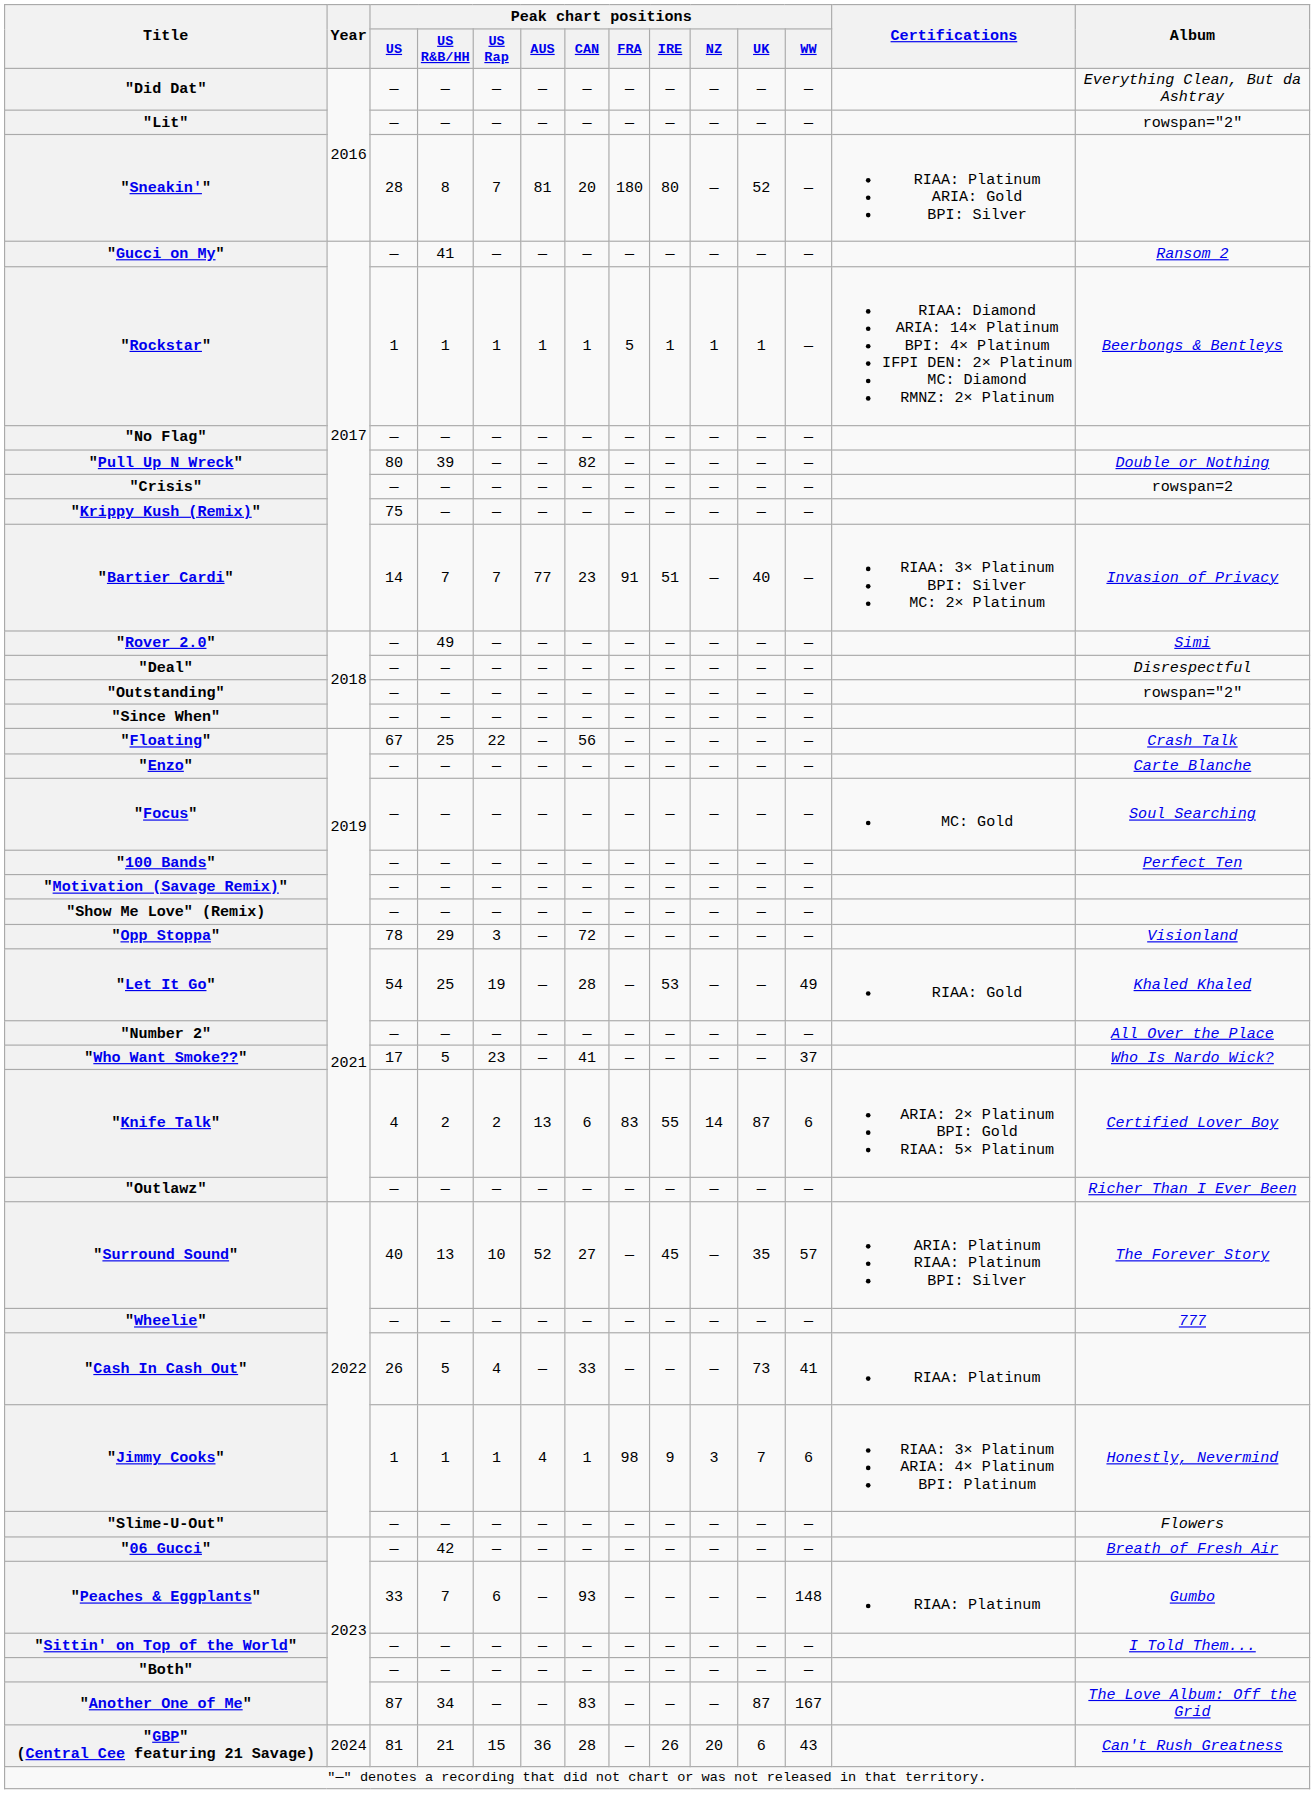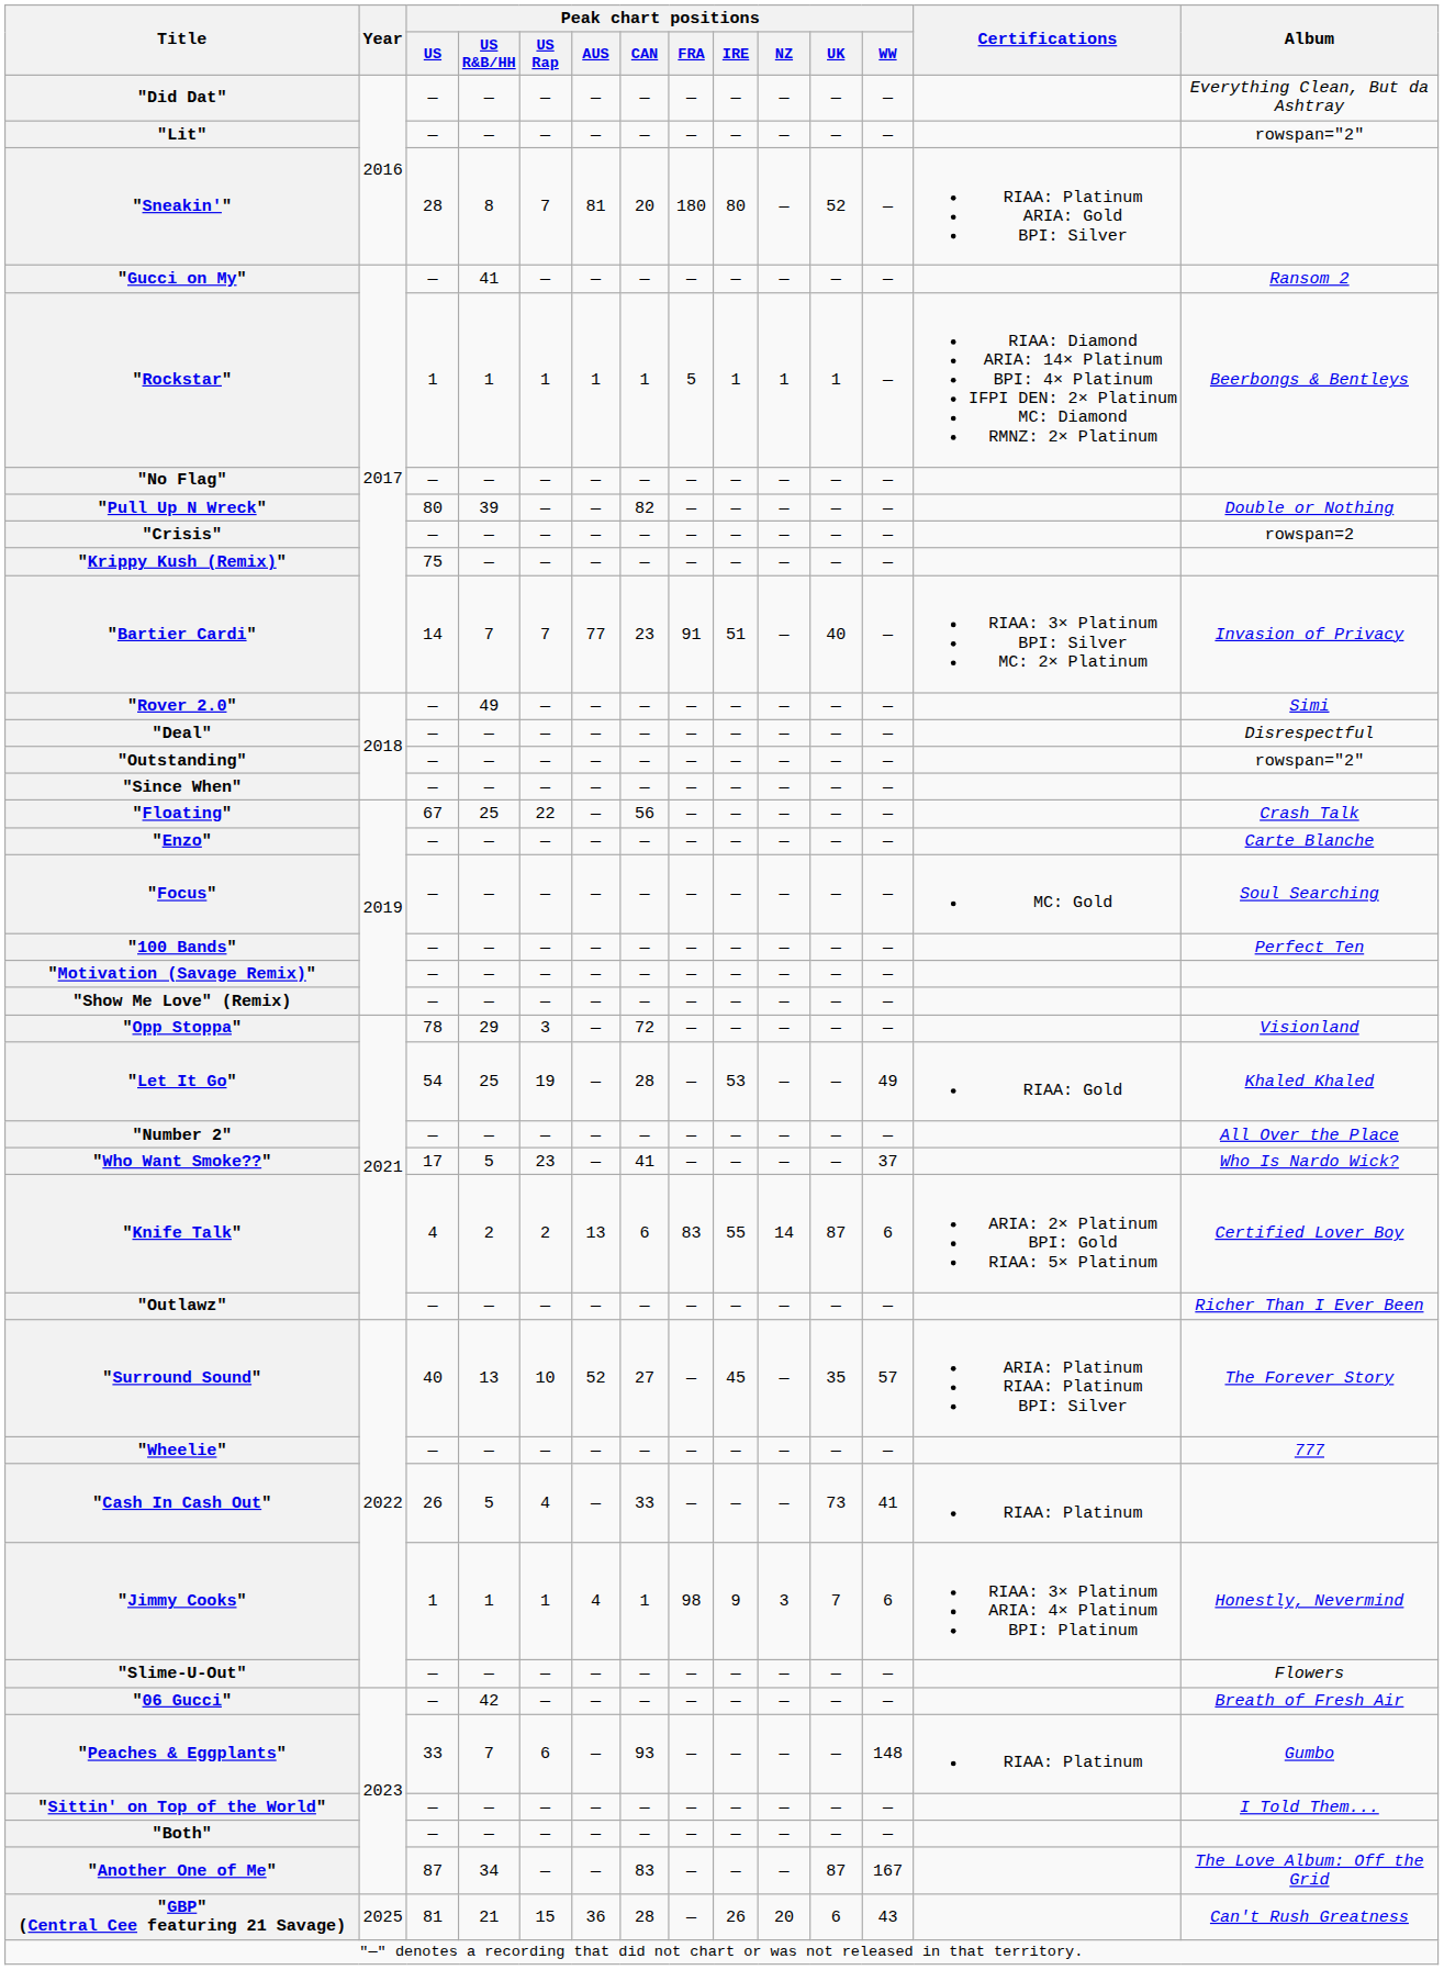 <table class="wikitable plainrowheaders" style="text-align:center;" border="1">
 <tr>
 <th scope="col" rowspan="2" style="width:20.9em;">Title</th>
 <th scope="col" rowspan="2" style="width:1em;">Year</th>
 <th scope="col" colspan="10">Peak chart positions</th>
 <th scope="col" rowspan="2"><a href='#'>Certifications</a></th>
 <th scope="col" rowspan="2" style="width:15em;">Album</th>
 </tr>
 <tr>
 <th scope="col" style="width:3em;font-size:90%;"><a href='#'>US</a><br></th>
 <th scope="col" style="width:3em;font-size:90%;"><a href='#'>US R&B/HH</a><br></th>
 <th scope="col" style="width:3em;font-size:90%;"><a href='#'>US Rap</a><br></th>
 <th scope="col" style="width:2.8em;font-size:90%;"><a href='#'>AUS</a><br></th>
 <th scope="col" style="width:2.8em;font-size:90%;"><a href='#'>CAN</a><br></th>
 <th scope="col" style="width:2.5em;font-size:90%;"><a href='#'>FRA</a><br></th>
 <th scope="col" style="width:2.5em;font-size:90%;"><a href='#'>IRE</a><br></th>
 <th scope="col" style="width:3em;font-size:90%;"><a href='#'>NZ</a><br></th>
 <th scope="col" style="width:3em;font-size:90%;"><a href='#'>UK</a><br></th>
 <th scope="col" style="width:3em;font-size:90%;"><a href='#'>WW</a><br></th>
 </tr>
 <tr>
 <th scope="row">"Did Dat"<br></th>
 <td rowspan="3">2016</td>
 <td>—</td>
 <td>—</td>
 <td>—</td>
 <td>—</td>
 <td>—</td>
 <td>—</td>
 <td>—</td>
 <td>—</td>
 <td>—</td>
 <td>—</td>
 <td></td>
 <td><em>Everything Clean, But da Ashtray</em></td>
 </tr>
 <tr>
 <th scope="row">"Lit"<br></th>
 <td>—</td>
 <td>—</td>
 <td>—</td>
 <td>—</td>
 <td>—</td>
 <td>—</td>
 <td>—</td>
 <td>—</td>
 <td>—</td>
 <td>—</td>
 <td></td>
 <td>rowspan="2" </td>
 </tr>
 <tr>
 <th scope="row">"<a href='#'>Sneakin'</a>"<br></th>
 <td>28</td>
 <td>8</td>
 <td>7</td>
 <td>81</td>
 <td>20</td>
 <td>180</td>
 <td>80</td>
 <td>—</td>
 <td>52</td>
 <td>—</td>
 <td><br><ul><li>RIAA: Platinum</li><li>ARIA: Gold</li><li>BPI: Silver</li></ul></td>
 </tr>
 <tr>
 <th scope="row">"<a href='#'>Gucci on My</a>"<br></th>
 <td rowspan="7">2017</td>
 <td>—</td>
 <td>41</td>
 <td>—</td>
 <td>—</td>
 <td>—</td>
 <td>—</td>
 <td>—</td>
 <td>—</td>
 <td>—</td>
 <td>—</td>
 <td></td>
 <td><em><a href='#'>Ransom 2</a></em></td>
 </tr>
 <tr>
 <th scope="row">"<a href='#'>Rockstar</a>"<br></th>
 <td>1</td>
 <td>1</td>
 <td>1</td>
 <td>1</td>
 <td>1</td>
 <td>5</td>
 <td>1</td>
 <td>1</td>
 <td>1</td>
 <td>—</td>
 <td><br><ul><li>RIAA: Diamond</li><li>ARIA: 14× Platinum</li><li>BPI: 4× Platinum</li><li>IFPI DEN: 2× Platinum</li><li>MC: Diamond</li><li>RMNZ: 2× Platinum</li></ul></td>
 <td><em><a href='#'>Beerbongs & Bentleys</a></em></td>
 </tr>
 <tr>
 <th scope="row">"No Flag"<br></th>
 <td>—</td>
 <td>—</td>
 <td>—</td>
 <td>—</td>
 <td>—</td>
 <td>—</td>
 <td>—</td>
 <td>—</td>
 <td>—</td>
 <td>—</td>
 <td></td>
 <td></td>
 </tr>
 <tr>
 <th scope="row">"<a href='#'>Pull Up N Wreck</a>"<br></th>
 <td>80</td>
 <td>39</td>
 <td>—</td>
 <td>—</td>
 <td>82</td>
 <td>—</td>
 <td>—</td>
 <td>—</td>
 <td>—</td>
 <td>—</td>
 <td></td>
 <td><em><a href='#'>Double or Nothing</a></em></td>
 </tr>
 <tr>
 <th scope="row">"Crisis"<br></th>
 <td>—</td>
 <td>—</td>
 <td>—</td>
 <td>—</td>
 <td>—</td>
 <td>—</td>
 <td>—</td>
 <td>—</td>
 <td>—</td>
 <td>—</td>
 <td></td>
 <td>rowspan=2 </td>
 </tr>
 <tr>
 <th scope="row">"<a href='#'>Krippy Kush (Remix)</a>"<br></th>
 <td>75</td>
 <td>—</td>
 <td>—</td>
 <td>—</td>
 <td>—</td>
 <td>—</td>
 <td>—</td>
 <td>—</td>
 <td>—</td>
 <td>—</td>
 <td></td>
 </tr>
 <tr>
 <th scope="row">"<a href='#'>Bartier Cardi</a>"<br></th>
 <td>14</td>
 <td>7</td>
 <td>7</td>
 <td>77</td>
 <td>23</td>
 <td>91</td>
 <td>51</td>
 <td>—</td>
 <td>40</td>
 <td>—</td>
 <td><br><ul><li>RIAA: 3× Platinum</li><li>BPI: Silver</li><li>MC: 2× Platinum</li></ul></td>
 <td><em><a href='#'>Invasion of Privacy</a></em></td>
 </tr>
 <tr>
 <th scope="row">"<a href='#'>Rover 2.0</a>"<br></th>
 <td rowspan="4">2018</td>
 <td>—</td>
 <td>49</td>
 <td>—</td>
 <td>—</td>
 <td>—</td>
 <td>—</td>
 <td>—</td>
 <td>—</td>
 <td>—</td>
 <td>—</td>
 <td></td>
 <td><em><a href='#'>Simi</a></em></td>
 </tr>
 <tr>
 <th scope="row">"Deal"<br></th>
 <td>—</td>
 <td>—</td>
 <td>—</td>
 <td>—</td>
 <td>—</td>
 <td>—</td>
 <td>—</td>
 <td>—</td>
 <td>—</td>
 <td>—</td>
 <td></td>
 <td><em>Disrespectful</em></td>
 </tr>
 <tr>
 <th scope="row">"Outstanding"<br></th>
 <td>—</td>
 <td>—</td>
 <td>—</td>
 <td>—</td>
 <td>—</td>
 <td>—</td>
 <td>—</td>
 <td>—</td>
 <td>—</td>
 <td>—</td>
 <td></td>
 <td>rowspan="2" </td>
 </tr>
 <tr>
 <th scope="row">"Since When"<br></th>
 <td>—</td>
 <td>—</td>
 <td>—</td>
 <td>—</td>
 <td>—</td>
 <td>—</td>
 <td>—</td>
 <td>—</td>
 <td>—</td>
 <td>—</td>
 <td></td>
 </tr>
 <tr>
 <th scope="row">"<a href='#'>Floating</a>"<br></th>
 <td rowspan="6">2019</td>
 <td>67</td>
 <td>25</td>
 <td>22</td>
 <td>—</td>
 <td>56</td>
 <td>—</td>
 <td>—</td>
 <td>—</td>
 <td>—</td>
 <td>—</td>
 <td></td>
 <td><em><a href='#'>Crash Talk</a></em></td>
 </tr>
 <tr>
 <th scope="row">"<a href='#'>Enzo</a>"<br></th>
 <td>—</td>
 <td>—</td>
 <td>—</td>
 <td>—</td>
 <td>—</td>
 <td>—</td>
 <td>—</td>
 <td>—</td>
 <td>—</td>
 <td>—</td>
 <td></td>
 <td><em><a href='#'>Carte Blanche</a></em></td>
 </tr>
 <tr>
 <th scope="row">"<a href='#'>Focus</a>"<br></th>
 <td>—</td>
 <td>—</td>
 <td>—</td>
 <td>—</td>
 <td>—</td>
 <td>—</td>
 <td>—</td>
 <td>—</td>
 <td>—</td>
 <td>—</td>
 <td><br><ul><li>MC: Gold</li></ul></td>
 <td><em><a href='#'>Soul Searching</a></em></td>
 </tr>
 <tr>
 <th scope="row">"<a href='#'>100 Bands</a>"<br></th>
 <td>—</td>
 <td>—</td>
 <td>—</td>
 <td>—</td>
 <td>—</td>
 <td>—</td>
 <td>—</td>
 <td>—</td>
 <td>—</td>
 <td>—</td>
 <td></td>
 <td><em><a href='#'>Perfect Ten</a></em></td>
 </tr>
 <tr>
 <th scope="row">"<a href='#'>Motivation (Savage Remix)</a>"<br></th>
 <td>—</td>
 <td>—</td>
 <td>—</td>
 <td>—</td>
 <td>—</td>
 <td>—</td>
 <td>—</td>
 <td>—</td>
 <td>—</td>
 <td>—</td>
 <td></td>
 <td></td>
 </tr>
 <tr>
 <th scope="row">"Show Me Love" (Remix)<br></th>
 <td>—</td>
 <td>—</td>
 <td>—</td>
 <td>—</td>
 <td>—</td>
 <td>—</td>
 <td>—</td>
 <td>—</td>
 <td>—</td>
 <td>—</td>
 <td></td>
 <td></td>
 </tr>
 <tr>
 <th scope="row">"<a href='#'>Opp Stoppa</a>"<br></th>
 <td rowspan="6">2021</td>
 <td>78</td>
 <td>29</td>
 <td>3</td>
 <td>—</td>
 <td>72</td>
 <td>—</td>
 <td>—</td>
 <td>—</td>
 <td>—</td>
 <td>—</td>
 <td></td>
 <td><em><a href='#'>Visionland</a></em></td>
 </tr>
 <tr>
 <th scope="row">"<a href='#'>Let It Go</a>"<br></th>
 <td>54</td>
 <td>25</td>
 <td>19</td>
 <td>—</td>
 <td>28</td>
 <td>—</td>
 <td>53</td>
 <td>—</td>
 <td>—</td>
 <td>49</td>
 <td><br><ul><li>RIAA: Gold</li></ul></td>
 <td><em><a href='#'>Khaled Khaled</a></em></td>
 </tr>
 <tr>
 <th scope="row">"Number 2"<br></th>
 <td>—</td>
 <td>—</td>
 <td>—</td>
 <td>—</td>
 <td>—</td>
 <td>—</td>
 <td>—</td>
 <td>—</td>
 <td>—</td>
 <td>—</td>
 <td></td>
 <td><em><a href='#'>All Over the Place</a></em></td>
 </tr>
 <tr>
 <th scope="row">"<a href='#'>Who Want Smoke??</a>"<br></th>
 <td>17</td>
 <td>5</td>
 <td>23</td>
 <td>—</td>
 <td>41</td>
 <td>—</td>
 <td>—</td>
 <td>—</td>
 <td>—</td>
 <td>37</td>
 <td></td>
 <td><em><a href='#'>Who Is Nardo Wick?</a></em></td>
 </tr>
 <tr>
 <th scope="row">"<a href='#'>Knife Talk</a>"<br></th>
 <td>4</td>
 <td>2</td>
 <td>2</td>
 <td>13</td>
 <td>6</td>
 <td>83</td>
 <td>55</td>
 <td>14</td>
 <td>87</td>
 <td>6</td>
 <td><br><ul><li>ARIA: 2× Platinum</li><li>BPI: Gold</li><li>RIAA: 5× Platinum</li></ul></td>
 <td><em><a href='#'>Certified Lover Boy</a></em></td>
 </tr>
 <tr>
 <th scope="row">"Outlawz"<br></th>
 <td>—</td>
 <td>—</td>
 <td>—</td>
 <td>—</td>
 <td>—</td>
 <td>—</td>
 <td>—</td>
 <td>—</td>
 <td>—</td>
 <td>—</td>
 <td></td>
 <td><em><a href='#'>Richer Than I Ever Been</a></em></td>
 </tr>
 <tr>
 <th scope="row">"<a href='#'>Surround Sound</a>"<br></th>
 <td rowspan="5">2022</td>
 <td>40</td>
 <td>13</td>
 <td>10</td>
 <td>52</td>
 <td>27</td>
 <td>—</td>
 <td>45</td>
 <td>—</td>
 <td>35</td>
 <td>57</td>
 <td><br><ul><li>ARIA: Platinum</li><li>RIAA: Platinum</li><li>BPI: Silver</li></ul></td>
 <td><em><a href='#'>The Forever Story</a></em></td>
 </tr>
 <tr>
 <th scope="row">"<a href='#'>Wheelie</a>"<br></th>
 <td>—</td>
 <td>—</td>
 <td>—</td>
 <td>—</td>
 <td>—</td>
 <td>—</td>
 <td>—</td>
 <td>—</td>
 <td>—</td>
 <td>—</td>
 <td></td>
 <td><em><a href='#'>777</a></em></td>
 </tr>
 <tr>
 <th scope="row">"<a href='#'>Cash In Cash Out</a>"<br></th>
 <td>26</td>
 <td>5</td>
 <td>4</td>
 <td>—</td>
 <td>33</td>
 <td>—</td>
 <td>—</td>
 <td>—</td>
 <td>73</td>
 <td>41</td>
 <td><br><ul><li>RIAA: Platinum</li></ul></td>
 <td></td>
 </tr>
 <tr>
 <th scope="row">"<a href='#'>Jimmy Cooks</a>"<br></th>
 <td>1</td>
 <td>1</td>
 <td>1</td>
 <td>4</td>
 <td>1</td>
 <td>98</td>
 <td>9</td>
 <td>3</td>
 <td>7</td>
 <td>6</td>
 <td><br><ul><li>RIAA: 3× Platinum</li><li>ARIA: 4× Platinum</li><li>BPI: Platinum</li></ul></td>
 <td><em><a href='#'>Honestly, Nevermind</a></em></td>
 </tr>
 <tr>
 <th scope="row">"Slime-U-Out"<br></th>
 <td>—</td>
 <td>—</td>
 <td>—</td>
 <td>—</td>
 <td>—</td>
 <td>—</td>
 <td>—</td>
 <td>—</td>
 <td>—</td>
 <td>—</td>
 <td></td>
 <td><em>Flowers</em></td>
 </tr>
 <tr>
 <th scope="row">"<a href='#'>06 Gucci</a>"<br></th>
 <td rowspan="5">2023</td>
 <td>—</td>
 <td>42</td>
 <td>—</td>
 <td>—</td>
 <td>—</td>
 <td>—</td>
 <td>—</td>
 <td>—</td>
 <td>—</td>
 <td>—</td>
 <td></td>
 <td><em><a href='#'>Breath of Fresh Air</a></em></td>
 </tr>
 <tr>
 <th scope="row">"<a href='#'>Peaches & Eggplants</a>"<br></th>
 <td>33</td>
 <td>7</td>
 <td>6</td>
 <td>—</td>
 <td>93</td>
 <td>—</td>
 <td>—</td>
 <td>—</td>
 <td>—</td>
 <td>148</td>
 <td><br><ul><li>RIAA: Platinum</li></ul></td>
 <td><em><a href='#'>Gumbo</a></em></td>
 </tr>
 <tr>
 <th scope="row">"<a href='#'>Sittin' on Top of the World</a>"<br></th>
 <td>—</td>
 <td>—</td>
 <td>—</td>
 <td>—</td>
 <td>—</td>
 <td>—</td>
 <td>—</td>
 <td>—</td>
 <td>—</td>
 <td>—</td>
 <td></td>
 <td><em><a href='#'>I Told Them...</a></em></td>
 </tr>
 <tr>
 <th scope="row">"Both"<br></th>
 <td>—</td>
 <td>—</td>
 <td>—</td>
 <td>—</td>
 <td>—</td>
 <td>—</td>
 <td>—</td>
 <td>—</td>
 <td>—</td>
 <td>—</td>
 <td></td>
 <td></td>
 </tr>
 <tr>
 <th scope="row">"<a href='#'>Another One of Me</a>"<br></th>
 <td>87</td>
 <td>34</td>
 <td>—</td>
 <td>—</td>
 <td>83</td>
 <td>—</td>
 <td>—</td>
 <td>—</td>
 <td>87</td>
 <td>167</td>
 <td></td>
 <td><em><a href='#'>The Love Album: Off the Grid</a></em></td>
 </tr>
 <tr>
 <th scope="row">"<a href='#'>GBP</a>"<br><span>(<a href='#'>Central Cee</a> featuring 21 Savage)</span></th>
-<td>2024</td>
+<td>2025</td>
 <td>81</td>
 <td>21</td>
 <td>15</td>
 <td>36<br></td>
 <td>28</td>
 <td>—</td>
 <td>26<br></td>
 <td>20<br></td>
 <td>6</td>
 <td>43</td>
 <td></td>
 <td><em><a href='#'>Can't Rush Greatness</a></em></td>
 </tr>
 <tr>
 <td colspan="14" style="font-size:90%">"—" denotes a recording that did not chart or was not released in that territory.</td>
 </tr>
 </table>
